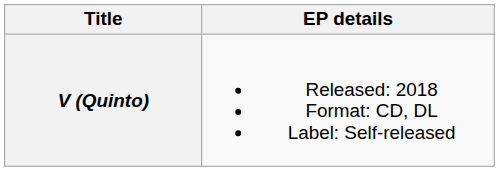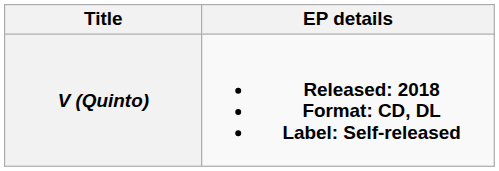 <table class="wikitable plainrowheaders" style="text-align:center;">
 <tr>
 <th scope="col" style="width:10em;">Title</th>
 <th scope="col" style="width:15em;">EP details</th>
 </tr>
 <tr>
 <th scope="row"><em>V (Quinto)</em></th>
-<td><br><ul><li>Released: 2018</li><li>Format: CD, DL</li><li>Label: Self-released</li></ul></td>
+<td><strong><br><ul><li>Released: 2018</li><li>Format: CD, DL</li><li>Label: Self-released</li></ul></strong></td>
 </tr>
 </table>
